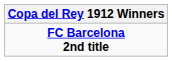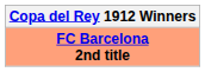 <table class="wikitable" style="text-align: center; margin: 0 auto;">
 <tr>
 <th><a href='#'>Copa del Rey</a> 1912 Winners</th>
 </tr>
 <tr>
-<td><strong><a href='#'>FC Barcelona</a></strong><br><strong>2nd title</strong></td>
+<td style="background: lightsalmon;"><strong><a href='#'>FC Barcelona</a></strong><br><strong>2nd title</strong></td>
 </tr>
 </table>
